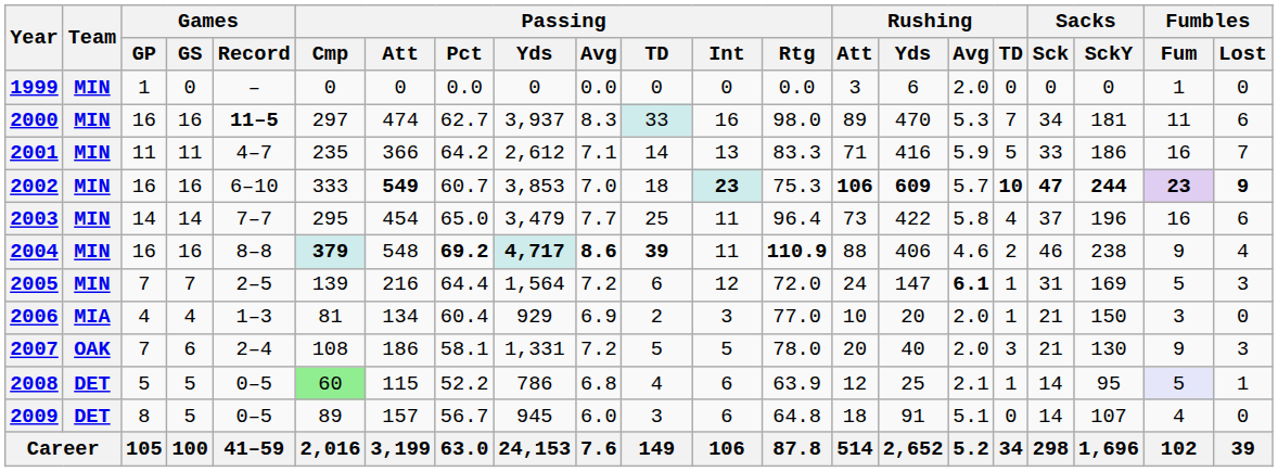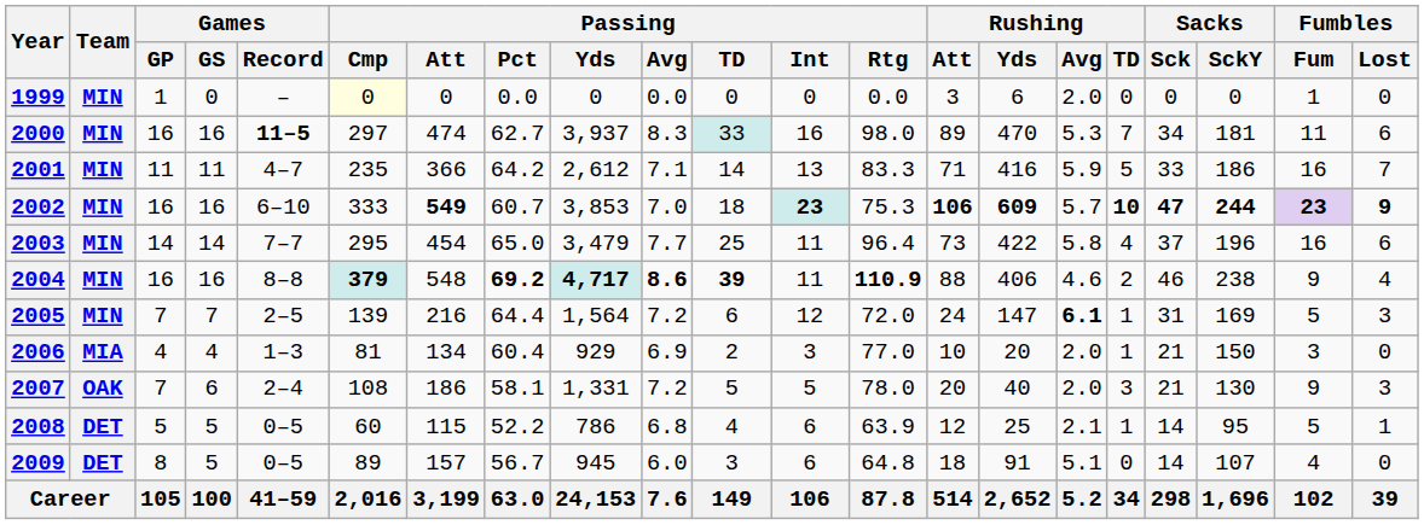 <table class="wikitable" style="text-align:center;">
 <tr>
 <th rowspan="2">Year</th>
 <th rowspan="2">Team</th>
 <th colspan="3">Games</th>
 <th colspan="8">Passing</th>
 <th colspan="4">Rushing</th>
 <th colspan="2">Sacks</th>
 <th colspan="2">Fumbles</th>
 </tr>
 <tr>
 <th>GP</th>
 <th>GS</th>
 <th>Record</th>
 <th>Cmp</th>
 <th>Att</th>
 <th>Pct</th>
 <th>Yds</th>
 <th>Avg</th>
 <th>TD</th>
 <th>Int</th>
 <th>Rtg</th>
 <th>Att</th>
 <th>Yds</th>
 <th>Avg</th>
 <th>TD</th>
 <th>Sck</th>
 <th>SckY</th>
 <th>Fum</th>
 <th>Lost</th>
 </tr>
 <tr>
 <th><a href='#'>1999</a></th>
 <th><a href='#'>MIN</a></th>
 <td>1</td>
 <td>0</td>
 <td>–</td>
-<td>0</td>
+<td style="background: lightyellow;">0</td>
 <td>0</td>
 <td>0.0</td>
 <td>0</td>
 <td>0.0</td>
 <td>0</td>
 <td>0</td>
 <td>0.0</td>
 <td>3</td>
 <td>6</td>
 <td>2.0</td>
 <td>0</td>
 <td>0</td>
 <td>0</td>
 <td>1</td>
 <td>0</td>
 </tr>
 <tr>
 <th><a href='#'>2000</a></th>
 <th><a href='#'>MIN</a></th>
 <td>16</td>
 <td>16</td>
 <td><strong>11–5</strong></td>
 <td>297</td>
 <td>474</td>
 <td>62.7</td>
 <td>3,937</td>
 <td>8.3</td>
 <td style="background:#cfecec; width:3em;">33</td>
 <td>16</td>
 <td>98.0</td>
 <td>89</td>
 <td>470</td>
 <td>5.3</td>
 <td>7</td>
 <td>34</td>
 <td>181</td>
 <td>11</td>
 <td>6</td>
 </tr>
 <tr>
 <th><a href='#'>2001</a></th>
 <th><a href='#'>MIN</a></th>
 <td>11</td>
 <td>11</td>
 <td>4–7</td>
 <td>235</td>
 <td>366</td>
 <td>64.2</td>
 <td>2,612</td>
 <td>7.1</td>
 <td>14</td>
 <td>13</td>
 <td>83.3</td>
 <td>71</td>
 <td>416</td>
 <td>5.9</td>
 <td>5</td>
 <td>33</td>
 <td>186</td>
 <td>16</td>
 <td>7</td>
 </tr>
 <tr>
 <th><a href='#'>2002</a></th>
 <th><a href='#'>MIN</a></th>
 <td>16</td>
 <td>16</td>
 <td>6–10</td>
 <td>333</td>
 <td><strong>549</strong></td>
 <td>60.7</td>
 <td>3,853</td>
 <td>7.0</td>
 <td>18</td>
 <td style="background:#cfecec; width:3em;"><strong>23</strong></td>
 <td>75.3</td>
 <td><strong>106</strong></td>
 <td><strong>609</strong></td>
 <td>5.7</td>
 <td><strong>10</strong></td>
 <td><strong>47</strong></td>
 <td><strong>244</strong></td>
 <td style="background:#e0cef2; width:3em;"><strong>23</strong></td>
 <td><strong>9</strong></td>
 </tr>
 <tr>
 <th><a href='#'>2003</a></th>
 <th><a href='#'>MIN</a></th>
 <td>14</td>
 <td>14</td>
 <td>7–7</td>
 <td>295</td>
 <td>454</td>
 <td>65.0</td>
 <td>3,479</td>
 <td>7.7</td>
 <td>25</td>
 <td>11</td>
 <td>96.4</td>
 <td>73</td>
 <td>422</td>
 <td>5.8</td>
 <td>4</td>
 <td>37</td>
 <td>196</td>
 <td>16</td>
 <td>6</td>
 </tr>
 <tr>
 <th><a href='#'>2004</a></th>
 <th><a href='#'>MIN</a></th>
 <td>16</td>
 <td>16</td>
 <td>8–8</td>
 <td style="background:#cfecec; width:3em;"><strong>379</strong></td>
 <td>548</td>
 <td><strong>69.2</strong></td>
 <td style="background:#cfecec; width:3em;"><strong>4,717</strong></td>
 <td><strong>8.6</strong></td>
 <td><strong>39</strong></td>
 <td>11</td>
 <td><strong>110.9</strong></td>
 <td>88</td>
 <td>406</td>
 <td>4.6</td>
 <td>2</td>
 <td>46</td>
 <td>238</td>
 <td>9</td>
 <td>4</td>
 </tr>
 <tr>
 <th><a href='#'>2005</a></th>
 <th><a href='#'>MIN</a></th>
 <td>7</td>
 <td>7</td>
 <td>2–5</td>
 <td>139</td>
 <td>216</td>
 <td>64.4</td>
 <td>1,564</td>
 <td>7.2</td>
 <td>6</td>
 <td>12</td>
 <td>72.0</td>
 <td>24</td>
 <td>147</td>
 <td><strong>6.1</strong></td>
 <td>1</td>
 <td>31</td>
 <td>169</td>
 <td>5</td>
 <td>3</td>
 </tr>
 <tr>
 <th><a href='#'>2006</a></th>
 <th><a href='#'>MIA</a></th>
 <td>4</td>
 <td>4</td>
 <td>1–3</td>
 <td>81</td>
 <td>134</td>
 <td>60.4</td>
 <td>929</td>
 <td>6.9</td>
 <td>2</td>
 <td>3</td>
 <td>77.0</td>
 <td>10</td>
 <td>20</td>
 <td>2.0</td>
 <td>1</td>
 <td>21</td>
 <td>150</td>
 <td>3</td>
 <td>0</td>
 </tr>
 <tr>
 <th><a href='#'>2007</a></th>
 <th><a href='#'>OAK</a></th>
 <td>7</td>
 <td>6</td>
 <td>2–4</td>
 <td>108</td>
 <td>186</td>
 <td>58.1</td>
 <td>1,331</td>
 <td>7.2</td>
 <td>5</td>
 <td>5</td>
 <td>78.0</td>
 <td>20</td>
 <td>40</td>
 <td>2.0</td>
 <td>3</td>
 <td>21</td>
 <td>130</td>
 <td>9</td>
 <td>3</td>
 </tr>
 <tr>
 <th><a href='#'>2008</a></th>
 <th><a href='#'>DET</a></th>
 <td>5</td>
 <td>5</td>
 <td>0–5</td>
-<td style="background: lightgreen;">60</td>
+<td>60</td>
 <td>115</td>
 <td>52.2</td>
 <td>786</td>
 <td>6.8</td>
 <td>4</td>
 <td>6</td>
 <td>63.9</td>
 <td>12</td>
 <td>25</td>
 <td>2.1</td>
 <td>1</td>
 <td>14</td>
 <td>95</td>
-<td style="background: lavender;">5</td>
+<td>5</td>
 <td>1</td>
 </tr>
 <tr>
 <th><a href='#'>2009</a></th>
 <th><a href='#'>DET</a></th>
 <td>8</td>
 <td>5</td>
 <td>0–5</td>
 <td>89</td>
 <td>157</td>
 <td>56.7</td>
 <td>945</td>
 <td>6.0</td>
 <td>3</td>
 <td>6</td>
 <td>64.8</td>
 <td>18</td>
 <td>91</td>
 <td>5.1</td>
 <td>0</td>
 <td>14</td>
 <td>107</td>
 <td>4</td>
 <td>0</td>
 </tr>
 <tr>
 <th colspan="2">Career</th>
 <th>105</th>
 <th>100</th>
 <th>41–59</th>
 <th>2,016</th>
 <th>3,199</th>
 <th>63.0</th>
 <th>24,153</th>
 <th>7.6</th>
 <th>149</th>
 <th>106</th>
 <th>87.8</th>
 <th>514</th>
 <th>2,652</th>
 <th>5.2</th>
 <th>34</th>
 <th>298</th>
 <th>1,696</th>
 <th>102</th>
 <th>39</th>
 </tr>
 </table>
